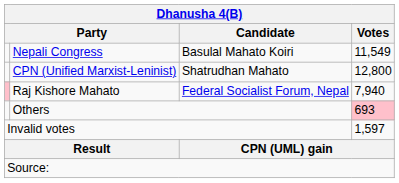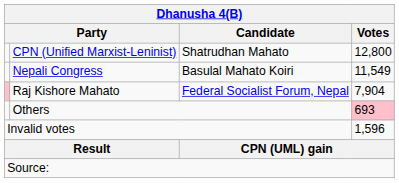 <table class="wikitable">
 <tr>
 <th colspan="4"><a href='#'>Dhanusha 4(B)</a></th>
 </tr>
 <tr>
 <th colspan="2">Party</th>
 <th>Candidate</th>
 <th>Votes</th>
 </tr>
 <tr>
 <td style="background-color:"></td>
+<td><a href='#'>CPN (Unified Marxist-Leninist)</a></td>
+<td>Shatrudhan Mahato</td>
+<td>12,800</td>
+</tr>
+<tr>
+<td style="background-color:"></td>
 <td><a href='#'>Nepali Congress</a></td>
 <td>Basulal Mahato Koiri</td>
 <td>11,549</td>
 </tr>
 <tr>
-<td style="background-color:"></td>
-<td><a href='#'>CPN (Unified Marxist-Leninist)</a></td>
-<td>Shatrudhan Mahato</td>
-<td>12,800</td>
-</tr>
-<tr>
 <td style="background-color:#ffc0cb"></td>
 <td>Raj Kishore Mahato</td>
 <td><a href='#'>Federal Socialist Forum, Nepal</a></td>
-<td>7,940</td>
+<td>7,904</td>
 </tr>
 <tr>
 <td></td>
 <td colspan="2">Others</td>
 <td style="background: pink;">693</td>
 </tr>
 <tr>
 <td colspan="3">Invalid votes</td>
-<td>1,597</td>
+<td>1,596</td>
 </tr>
 <tr>
 <th colspan="2">Result</th>
 <th colspan="2">CPN (UML) gain</th>
 </tr>
 <tr>
 <td colspan="4">Source: </td>
 </tr>
 </table>
